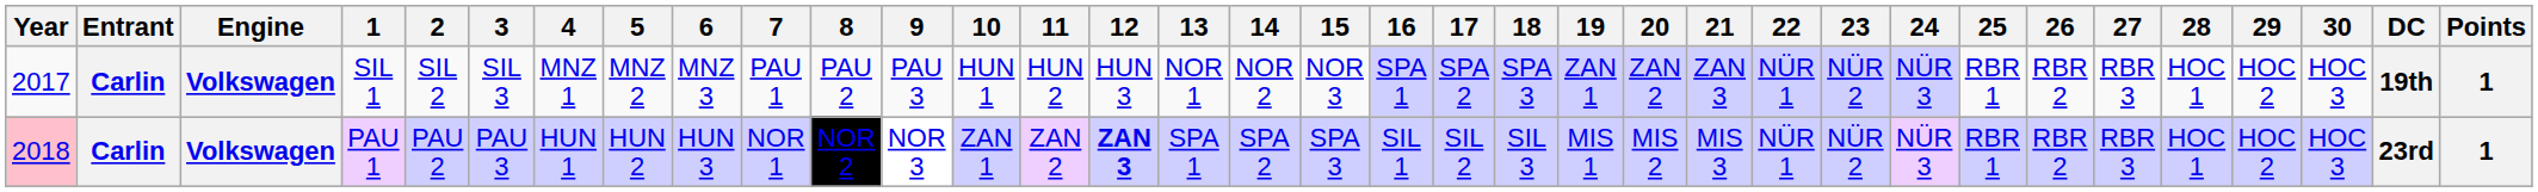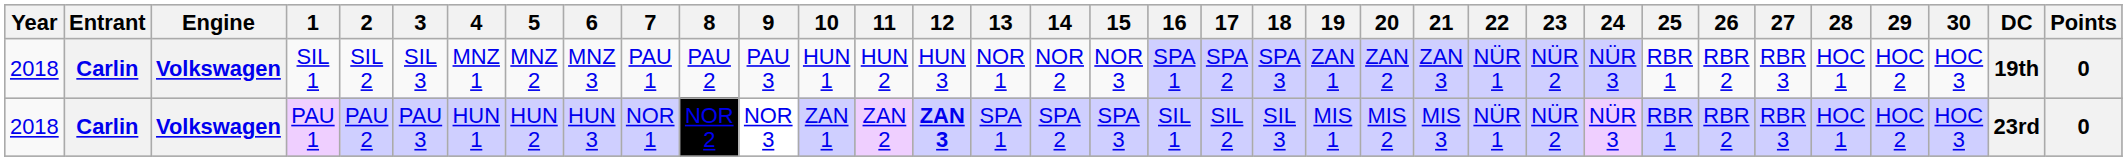 <table class="wikitable" style="text-align:center; font-size:85%">
 <tr>
 <th>Year</th>
 <th>Entrant</th>
 <th>Engine</th>
 <th>1</th>
 <th>2</th>
 <th>3</th>
 <th>4</th>
 <th>5</th>
 <th>6</th>
 <th>7</th>
 <th>8</th>
 <th>9</th>
 <th>10</th>
 <th>11</th>
 <th>12</th>
 <th>13</th>
 <th>14</th>
 <th>15</th>
 <th>16</th>
 <th>17</th>
 <th>18</th>
 <th>19</th>
 <th>20</th>
 <th>21</th>
 <th>22</th>
 <th>23</th>
 <th>24</th>
 <th>25</th>
 <th>26</th>
 <th>27</th>
 <th>28</th>
 <th>29</th>
 <th>30</th>
 <th>DC</th>
 <th>Points</th>
 </tr>
 <tr>
-<td><a href='#'>2017</a></td>
+<td><a href='#'>2018</a></td>
 <th><a href='#'>Carlin</a></th>
 <th><a href='#'>Volkswagen</a></th>
 <td style="background:#;"><a href='#'>SIL<br>1</a></td>
 <td style="background:#;"><a href='#'>SIL<br>2</a></td>
 <td style="background:#;"><a href='#'>SIL<br>3</a></td>
 <td style="background:#;"><a href='#'>MNZ<br>1</a></td>
 <td style="background:#;"><a href='#'>MNZ<br>2</a></td>
 <td style="background:#;"><a href='#'>MNZ<br>3</a></td>
 <td style="background:#;"><a href='#'>PAU<br>1</a></td>
 <td style="background:#;"><a href='#'>PAU<br>2</a></td>
 <td style="background:#;"><a href='#'>PAU<br>3</a></td>
 <td style="background:#;"><a href='#'>HUN<br>1</a></td>
 <td style="background:#;"><a href='#'>HUN<br>2</a></td>
 <td style="background:#;"><a href='#'>HUN<br>3</a></td>
 <td style="background:#;"><a href='#'>NOR<br>1</a></td>
 <td style="background:#;"><a href='#'>NOR<br>2</a></td>
 <td style="background:#;"><a href='#'>NOR<br>3</a></td>
 <td style="background:#CFCFFF;"><a href='#'>SPA<br>1</a><br></td>
 <td style="background:#CFCFFF;"><a href='#'>SPA<br>2</a><br></td>
 <td style="background:#CFCFFF;"><a href='#'>SPA<br>3</a><br></td>
 <td style="background:#CFCFFF;"><a href='#'>ZAN<br>1</a><br></td>
 <td style="background:#CFCFFF;"><a href='#'>ZAN<br>2</a><br></td>
 <td style="background:#CFCFFF;"><a href='#'>ZAN<br>3</a><br></td>
 <td style="background:#CFCFFF;"><a href='#'>NÜR<br>1</a><br></td>
 <td style="background:#CFCFFF;"><a href='#'>NÜR<br>2</a><br></td>
 <td style="background:#CFCFFF;"><a href='#'>NÜR<br>3</a><br></td>
 <td style="background:#;"><a href='#'>RBR<br>1</a></td>
 <td style="background:#;"><a href='#'>RBR<br>2</a></td>
 <td style="background:#;"><a href='#'>RBR<br>3</a></td>
 <td style="background:#;"><a href='#'>HOC<br>1</a></td>
 <td style="background:#;"><a href='#'>HOC<br>2</a></td>
 <td style="background:#;"><a href='#'>HOC<br>3</a></td>
 <th>19th</th>
-<th>1</th>
+<th>0</th>
 </tr>
 <tr>
-<td style="background: pink;"><a href='#'>2018</a></td>
+<td><a href='#'>2018</a></td>
 <th><a href='#'>Carlin</a></th>
 <th><a href='#'>Volkswagen</a></th>
 <td style="background:#EFCFFF;"><a href='#'>PAU<br>1</a><br></td>
 <td style="background:#CFCFFF;"><a href='#'>PAU<br>2</a><br></td>
 <td style="background:#CFCFFF;"><a href='#'>PAU<br>3</a><br></td>
 <td style="background:#CFCFFF;"><a href='#'>HUN<br>1</a><br></td>
 <td style="background:#CFCFFF;"><a href='#'>HUN<br>2</a><br></td>
 <td style="background:#CFCFFF;"><a href='#'>HUN<br>3</a><br></td>
 <td style="background:#CFCFFF;"><a href='#'>NOR<br>1</a><br></td>
 <td style="background:#000000;color:white"><a href='#'><span>NOR<br>2</span></a><br></td>
 <td style="background:#FFFFFF;"><a href='#'>NOR<br>3</a><br></td>
 <td style="background:#CFCFFF;"><a href='#'>ZAN<br>1</a><br></td>
 <td style="background:#EFCFFF;"><a href='#'>ZAN<br>2</a><br></td>
 <td style="background:#CFCFFF;"><strong><a href='#'>ZAN<br>3</a><br></strong></td>
 <td style="background:#CFCFFF;"><a href='#'>SPA<br>1</a><br></td>
 <td style="background:#CFCFFF;"><a href='#'>SPA<br>2</a><br></td>
 <td style="background:#CFCFFF;"><a href='#'>SPA<br>3</a><br></td>
 <td style="background:#CFCFFF;"><a href='#'>SIL<br>1</a><br></td>
 <td style="background:#CFCFFF;"><a href='#'>SIL<br>2</a><br></td>
 <td style="background:#CFCFFF;"><a href='#'>SIL<br>3</a><br></td>
 <td style="background:#CFCFFF;"><a href='#'>MIS<br>1</a><br></td>
 <td style="background:#CFCFFF;"><a href='#'>MIS<br>2</a><br></td>
 <td style="background:#CFCFFF;"><a href='#'>MIS<br>3</a><br></td>
 <td style="background:#CFCFFF;"><a href='#'>NÜR<br>1</a><br></td>
 <td style="background:#CFCFFF;"><a href='#'>NÜR<br>2</a><br></td>
 <td style="background:#EFCFFF;"><a href='#'>NÜR<br>3</a><br></td>
 <td style="background:#CFCFFF;"><a href='#'>RBR<br>1</a><br></td>
 <td style="background:#CFCFFF;"><a href='#'>RBR<br>2</a><br></td>
 <td style="background:#CFCFFF;"><a href='#'>RBR<br>3</a><br></td>
 <td style="background:#CFCFFF;"><a href='#'>HOC<br>1</a><br></td>
 <td style="background:#CFCFFF;"><a href='#'>HOC<br>2</a><br></td>
 <td style="background:#CFCFFF;"><a href='#'>HOC<br>3</a><br></td>
 <th>23rd</th>
-<th>1</th>
+<th>0</th>
 </tr>
 </table>
